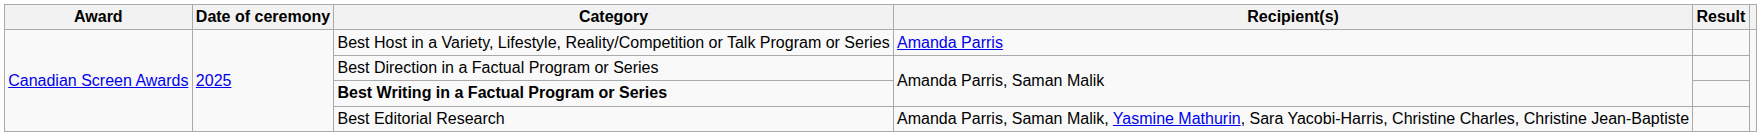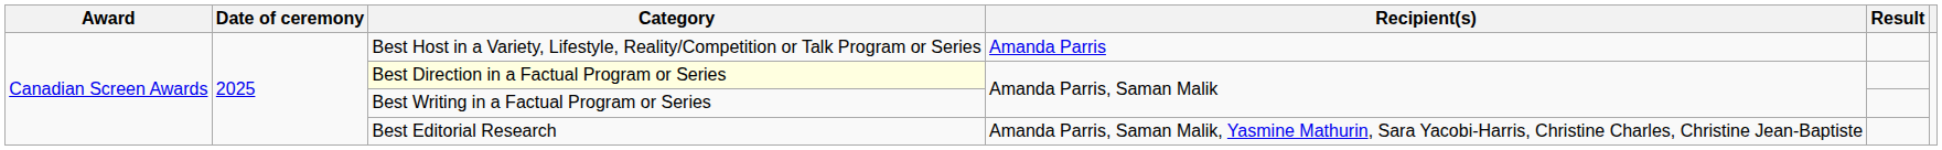 <table class="wikitable sortable plainrowheaders">
 <tr>
 <th scope="col">Award</th>
 <th scope="col">Date of ceremony</th>
 <th scope="col">Category</th>
 <th scope="col">Recipient(s)</th>
 <th scope="col">Result</th>
 <th scope="col" class="unsortable"></th>
 </tr>
 <tr>
 <td rowspan=4><a href='#'>Canadian Screen Awards</a></td>
 <td rowspan=4><a href='#'>2025</a></td>
 <td>Best Host in a Variety, Lifestyle, Reality/Competition or Talk Program or Series</td>
 <td><a href='#'>Amanda Parris</a></td>
 <td></td>
 <td rowspan=4></td>
 </tr>
 <tr>
-<td>Best Direction in a Factual Program or Series</td>
+<td style="background: lightyellow;">Best Direction in a Factual Program or Series</td>
 <td rowspan=2>Amanda Parris, Saman Malik</td>
 <td></td>
 </tr>
 <tr>
-<td><strong>Best Writing in a Factual Program or Series</strong></td>
+<td>Best Writing in a Factual Program or Series</td>
 <td></td>
 </tr>
 <tr>
 <td>Best Editorial Research</td>
 <td>Amanda Parris, Saman Malik, <a href='#'>Yasmine Mathurin</a>, Sara Yacobi-Harris, Christine Charles, Christine Jean-Baptiste</td>
 <td></td>
 </tr>
 </table>
